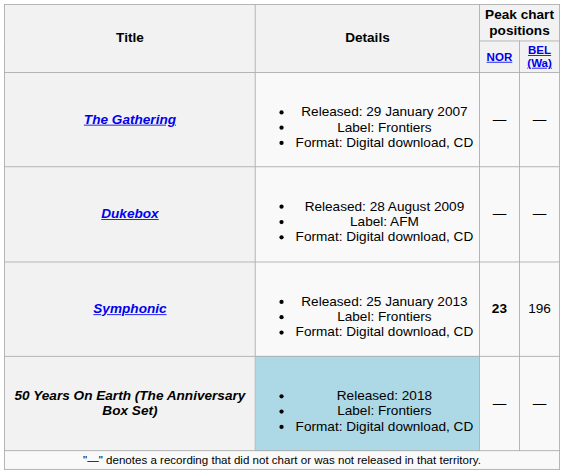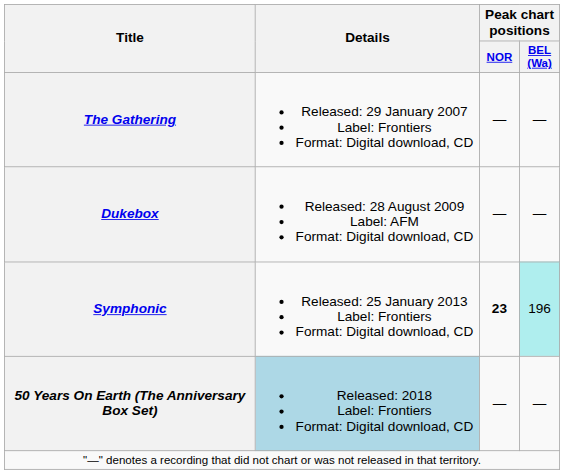 <table class="wikitable plainrowheaders" style="text-align:center;" border="1">
 <tr>
 <th scope="col" rowspan="2" style="width:18em;">Title</th>
 <th scope="col" rowspan="2" style="width:16em;">Details</th>
 <th scope="col" colspan="2">Peak chart positions</th>
 </tr>
 <tr>
 <th scope="col" style="width:3em;font-size:85%;"><a href='#'>NOR</a><br></th>
 <th scope="col" style="width:3em;font-size:85%;"><a href='#'>BEL<br>(Wa)</a><br></th>
 </tr>
 <tr>
 <th scope="row"><em><a href='#'>The Gathering</a></em></th>
 <td><br><ul><li>Released: 29 January 2007</li><li>Label: Frontiers</li><li>Format: Digital download, CD</li></ul></td>
 <td>—</td>
 <td>—</td>
 </tr>
 <tr>
 <th scope="row"><em><a href='#'>Dukebox</a></em></th>
 <td><br><ul><li>Released: 28 August 2009</li><li>Label: AFM</li><li>Format: Digital download, CD</li></ul></td>
 <td>—</td>
 <td>—</td>
 </tr>
 <tr>
 <th scope="row"><em><a href='#'>Symphonic</a></em></th>
 <td><br><ul><li>Released: 25 January 2013</li><li>Label: Frontiers</li><li>Format: Digital download, CD</li></ul></td>
 <td><strong>23</strong></td>
-<td>196</td>
+<td style="background: paleturquoise;">196</td>
 </tr>
 <tr>
 <th scope="row"><em>50 Years On Earth (The Anniversary Box Set)</em></th>
 <td style="background: lightblue;"><br><ul><li>Released: 2018</li><li>Label: Frontiers</li><li>Format: Digital download, CD</li></ul></td>
 <td>—</td>
 <td>—</td>
 </tr>
 <tr>
 <td colspan="10" style="font-size:85%">"—" denotes a recording that did not chart or was not released in that territory.</td>
 </tr>
 </table>
